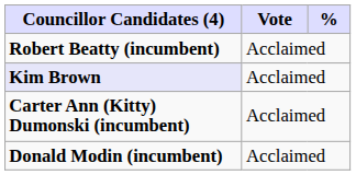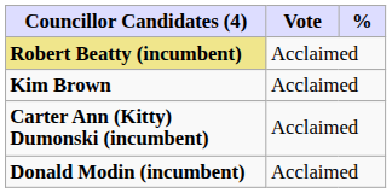 <table class="wikitable">
 <tr>
 <th style="background:#ddf; width:200px;">Councillor Candidates (4)</th>
 <th style="background:#ddf; width:50px;">Vote</th>
 <th style="background:#ddf; width:30px;">%</th>
 </tr>
 <tr>
-<td><strong>Robert Beatty (incumbent)</strong></td>
+<td style="background: khaki;"><strong>Robert Beatty (incumbent)</strong></td>
 <td colspan="2">Acclaimed</td>
 </tr>
 <tr>
-<td style="background: lavender;"><strong>Kim Brown</strong></td>
+<td><strong>Kim Brown</strong></td>
 <td colspan="2">Acclaimed</td>
 </tr>
 <tr>
 <td><strong>Carter Ann (Kitty) Dumonski (incumbent)</strong></td>
 <td colspan="2">Acclaimed</td>
 </tr>
 <tr>
 <td><strong>Donald Modin (incumbent)</strong></td>
 <td colspan="2">Acclaimed</td>
 </tr>
 </table>
